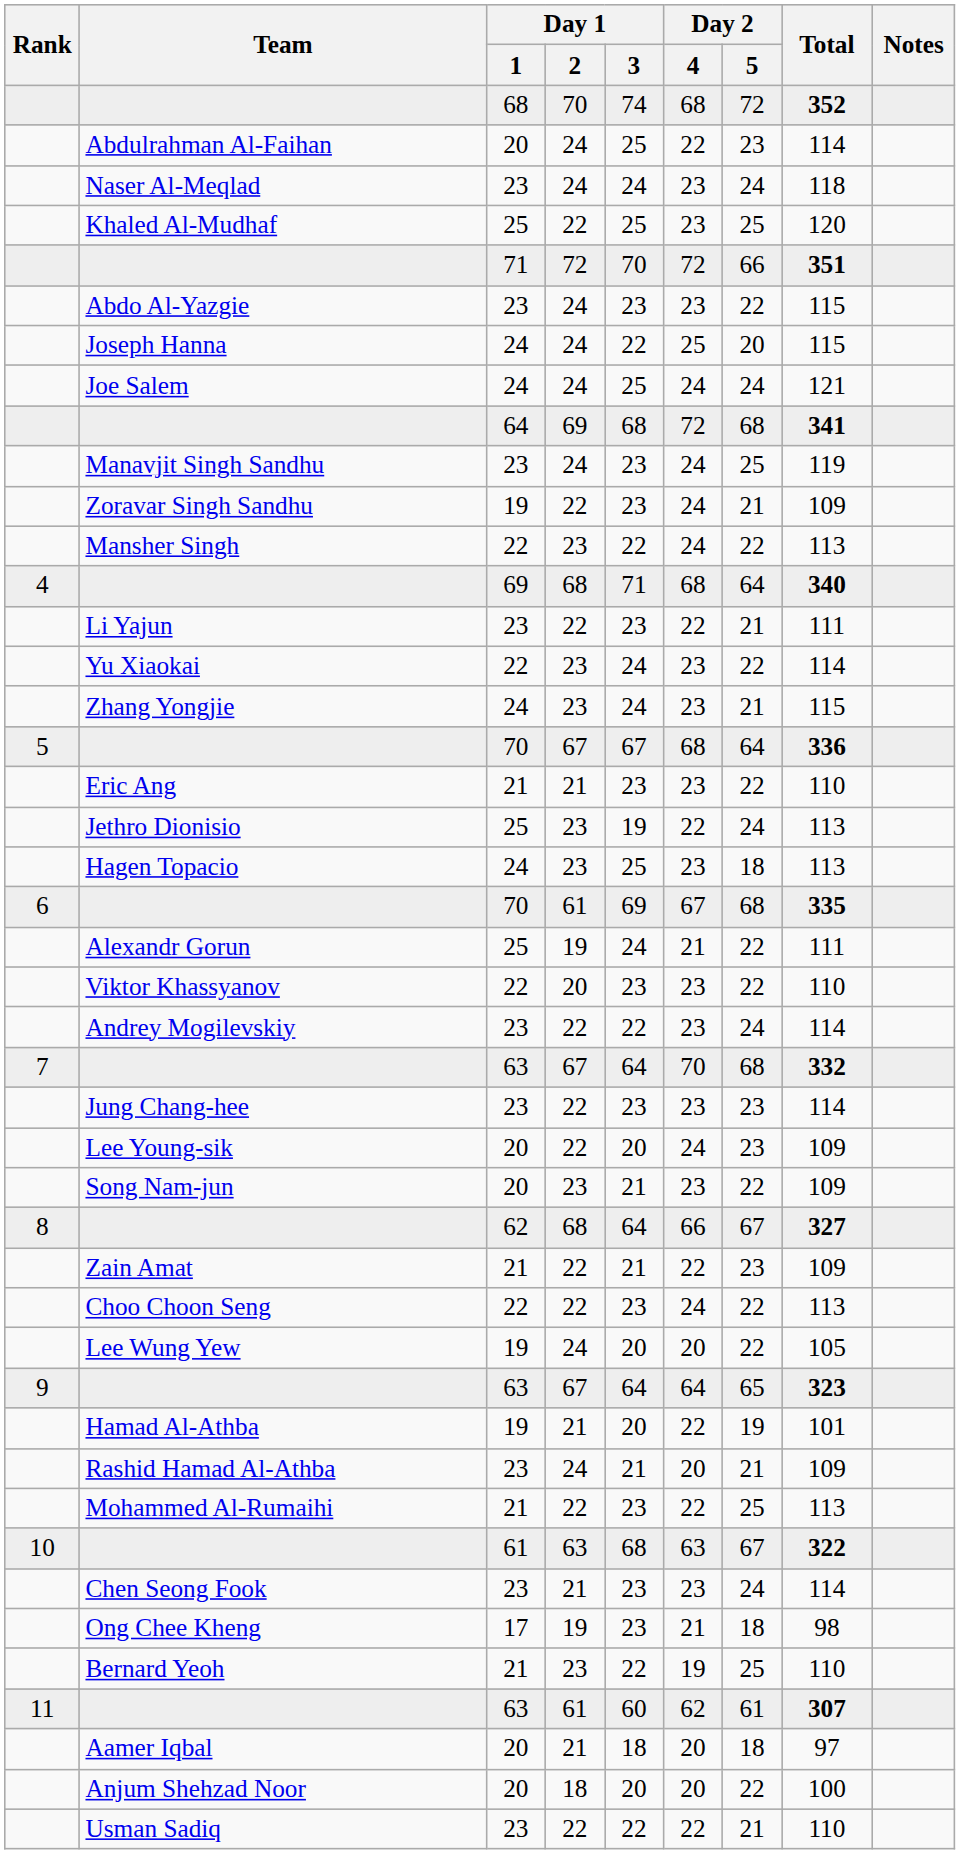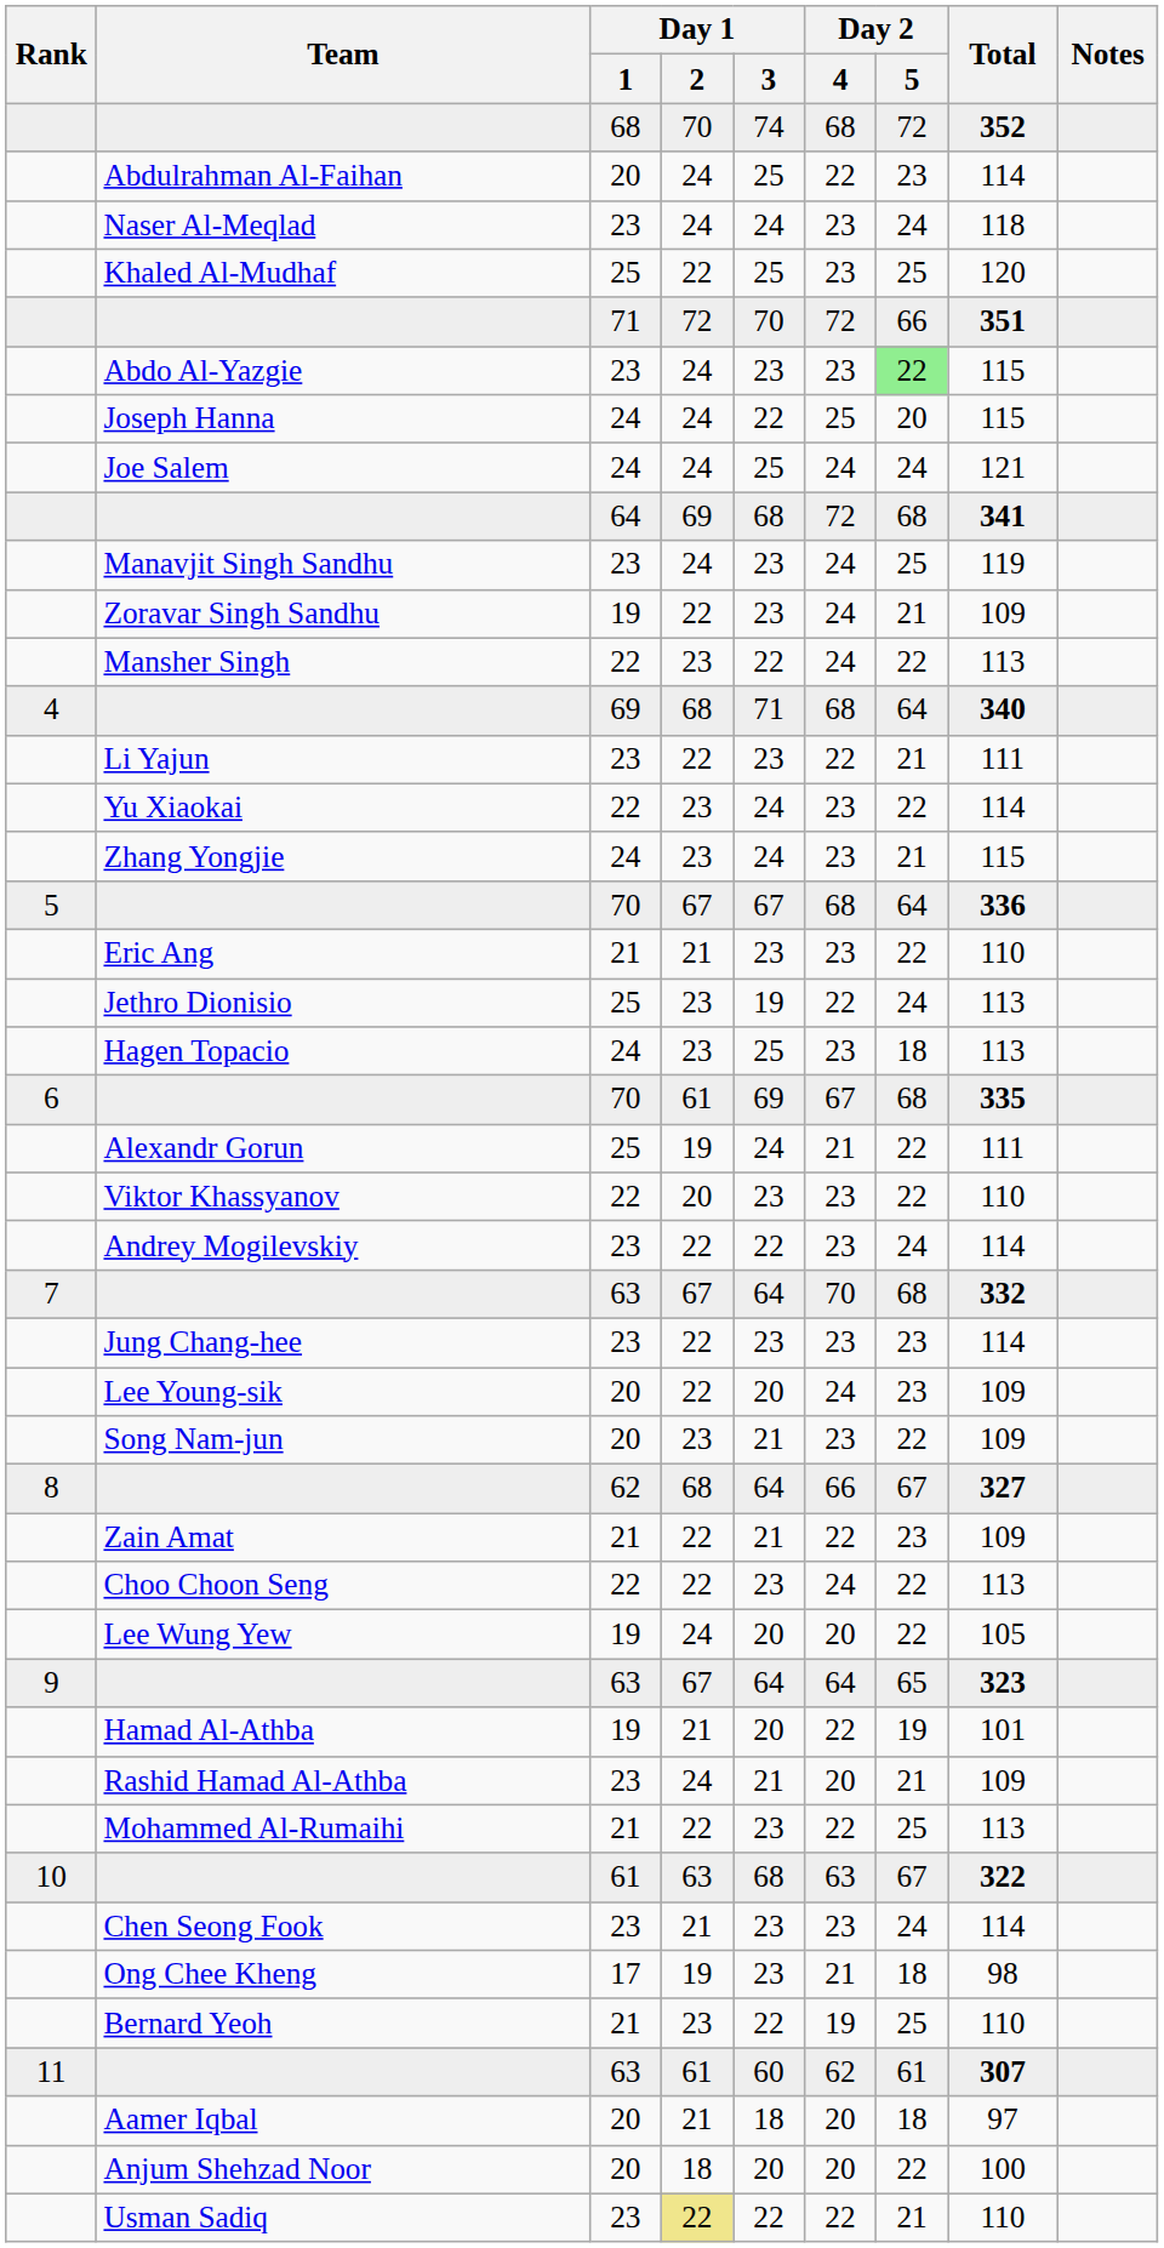 <table class="wikitable" style="text-align:center">
 <tr>
 <th rowspan=2 width=40>Rank</th>
 <th rowspan=2 width=250>Team</th>
 <th colspan=3>Day 1</th>
 <th colspan=2>Day 2</th>
 <th rowspan=2 width=50>Total</th>
 <th rowspan=2 width=45>Notes</th>
 </tr>
 <tr>
 <th width=30>1</th>
 <th width=30>2</th>
 <th width=30>3</th>
 <th width=30>4</th>
 <th width=30>5</th>
 </tr>
 <tr bgcolor=eeeeee>
 <td></td>
 <td align=left></td>
 <td>68</td>
 <td>70</td>
 <td>74</td>
 <td>68</td>
 <td>72</td>
 <td><strong>352</strong></td>
 <td></td>
 </tr>
 <tr>
 <td></td>
 <td align=left><a href='#'>Abdulrahman Al-Faihan</a></td>
 <td>20</td>
 <td>24</td>
 <td>25</td>
 <td>22</td>
 <td>23</td>
 <td>114</td>
 <td></td>
 </tr>
 <tr>
 <td></td>
 <td align=left><a href='#'>Naser Al-Meqlad</a></td>
 <td>23</td>
 <td>24</td>
 <td>24</td>
 <td>23</td>
 <td>24</td>
 <td>118</td>
 <td></td>
 </tr>
 <tr>
 <td></td>
 <td align=left><a href='#'>Khaled Al-Mudhaf</a></td>
 <td>25</td>
 <td>22</td>
 <td>25</td>
 <td>23</td>
 <td>25</td>
 <td>120</td>
 <td></td>
 </tr>
 <tr bgcolor=eeeeee>
 <td></td>
 <td align=left></td>
 <td>71</td>
 <td>72</td>
 <td>70</td>
 <td>72</td>
 <td>66</td>
 <td><strong>351</strong></td>
 <td></td>
 </tr>
 <tr>
 <td></td>
 <td align=left><a href='#'>Abdo Al-Yazgie</a></td>
 <td>23</td>
 <td>24</td>
 <td>23</td>
 <td>23</td>
-<td>22</td>
+<td style="background: lightgreen;">22</td>
 <td>115</td>
 <td></td>
 </tr>
 <tr>
 <td></td>
 <td align=left><a href='#'>Joseph Hanna</a></td>
 <td>24</td>
 <td>24</td>
 <td>22</td>
 <td>25</td>
 <td>20</td>
 <td>115</td>
 <td></td>
 </tr>
 <tr>
 <td></td>
 <td align=left><a href='#'>Joe Salem</a></td>
 <td>24</td>
 <td>24</td>
 <td>25</td>
 <td>24</td>
 <td>24</td>
 <td>121</td>
 <td></td>
 </tr>
 <tr bgcolor=eeeeee>
 <td></td>
 <td align=left></td>
 <td>64</td>
 <td>69</td>
 <td>68</td>
 <td>72</td>
 <td>68</td>
 <td><strong>341</strong></td>
 <td></td>
 </tr>
 <tr>
 <td></td>
 <td align=left><a href='#'>Manavjit Singh Sandhu</a></td>
 <td>23</td>
 <td>24</td>
 <td>23</td>
 <td>24</td>
 <td>25</td>
 <td>119</td>
 <td></td>
 </tr>
 <tr>
 <td></td>
 <td align=left><a href='#'>Zoravar Singh Sandhu</a></td>
 <td>19</td>
 <td>22</td>
 <td>23</td>
 <td>24</td>
 <td>21</td>
 <td>109</td>
 <td></td>
 </tr>
 <tr>
 <td></td>
 <td align=left><a href='#'>Mansher Singh</a></td>
 <td>22</td>
 <td>23</td>
 <td>22</td>
 <td>24</td>
 <td>22</td>
 <td>113</td>
 <td></td>
 </tr>
 <tr bgcolor=eeeeee>
 <td>4</td>
 <td align=left></td>
 <td>69</td>
 <td>68</td>
 <td>71</td>
 <td>68</td>
 <td>64</td>
 <td><strong>340</strong></td>
 <td></td>
 </tr>
 <tr>
 <td></td>
 <td align=left><a href='#'>Li Yajun</a></td>
 <td>23</td>
 <td>22</td>
 <td>23</td>
 <td>22</td>
 <td>21</td>
 <td>111</td>
 <td></td>
 </tr>
 <tr>
 <td></td>
 <td align=left><a href='#'>Yu Xiaokai</a></td>
 <td>22</td>
 <td>23</td>
 <td>24</td>
 <td>23</td>
 <td>22</td>
 <td>114</td>
 <td></td>
 </tr>
 <tr>
 <td></td>
 <td align=left><a href='#'>Zhang Yongjie</a></td>
 <td>24</td>
 <td>23</td>
 <td>24</td>
 <td>23</td>
 <td>21</td>
 <td>115</td>
 <td></td>
 </tr>
 <tr bgcolor=eeeeee>
 <td>5</td>
 <td align=left></td>
 <td>70</td>
 <td>67</td>
 <td>67</td>
 <td>68</td>
 <td>64</td>
 <td><strong>336</strong></td>
 <td></td>
 </tr>
 <tr>
 <td></td>
 <td align=left><a href='#'>Eric Ang</a></td>
 <td>21</td>
 <td>21</td>
 <td>23</td>
 <td>23</td>
 <td>22</td>
 <td>110</td>
 <td></td>
 </tr>
 <tr>
 <td></td>
 <td align=left><a href='#'>Jethro Dionisio</a></td>
 <td>25</td>
 <td>23</td>
 <td>19</td>
 <td>22</td>
 <td>24</td>
 <td>113</td>
 <td></td>
 </tr>
 <tr>
 <td></td>
 <td align=left><a href='#'>Hagen Topacio</a></td>
 <td>24</td>
 <td>23</td>
 <td>25</td>
 <td>23</td>
 <td>18</td>
 <td>113</td>
 <td></td>
 </tr>
 <tr bgcolor=eeeeee>
 <td>6</td>
 <td align=left></td>
 <td>70</td>
 <td>61</td>
 <td>69</td>
 <td>67</td>
 <td>68</td>
 <td><strong>335</strong></td>
 <td></td>
 </tr>
 <tr>
 <td></td>
 <td align=left><a href='#'>Alexandr Gorun</a></td>
 <td>25</td>
 <td>19</td>
 <td>24</td>
 <td>21</td>
 <td>22</td>
 <td>111</td>
 <td></td>
 </tr>
 <tr>
 <td></td>
 <td align=left><a href='#'>Viktor Khassyanov</a></td>
 <td>22</td>
 <td>20</td>
 <td>23</td>
 <td>23</td>
 <td>22</td>
 <td>110</td>
 <td></td>
 </tr>
 <tr>
 <td></td>
 <td align=left><a href='#'>Andrey Mogilevskiy</a></td>
 <td>23</td>
 <td>22</td>
 <td>22</td>
 <td>23</td>
 <td>24</td>
 <td>114</td>
 <td></td>
 </tr>
 <tr bgcolor=eeeeee>
 <td>7</td>
 <td align=left></td>
 <td>63</td>
 <td>67</td>
 <td>64</td>
 <td>70</td>
 <td>68</td>
 <td><strong>332</strong></td>
 <td></td>
 </tr>
 <tr>
 <td></td>
 <td align=left><a href='#'>Jung Chang-hee</a></td>
 <td>23</td>
 <td>22</td>
 <td>23</td>
 <td>23</td>
 <td>23</td>
 <td>114</td>
 <td></td>
 </tr>
 <tr>
 <td></td>
 <td align=left><a href='#'>Lee Young-sik</a></td>
 <td>20</td>
 <td>22</td>
 <td>20</td>
 <td>24</td>
 <td>23</td>
 <td>109</td>
 <td></td>
 </tr>
 <tr>
 <td></td>
 <td align=left><a href='#'>Song Nam-jun</a></td>
 <td>20</td>
 <td>23</td>
 <td>21</td>
 <td>23</td>
 <td>22</td>
 <td>109</td>
 <td></td>
 </tr>
 <tr bgcolor=eeeeee>
 <td>8</td>
 <td align=left></td>
 <td>62</td>
 <td>68</td>
 <td>64</td>
 <td>66</td>
 <td>67</td>
 <td><strong>327</strong></td>
 <td></td>
 </tr>
 <tr>
 <td></td>
 <td align=left><a href='#'>Zain Amat</a></td>
 <td>21</td>
 <td>22</td>
 <td>21</td>
 <td>22</td>
 <td>23</td>
 <td>109</td>
 <td></td>
 </tr>
 <tr>
 <td></td>
 <td align=left><a href='#'>Choo Choon Seng</a></td>
 <td>22</td>
 <td>22</td>
 <td>23</td>
 <td>24</td>
 <td>22</td>
 <td>113</td>
 <td></td>
 </tr>
 <tr>
 <td></td>
 <td align=left><a href='#'>Lee Wung Yew</a></td>
 <td>19</td>
 <td>24</td>
 <td>20</td>
 <td>20</td>
 <td>22</td>
 <td>105</td>
 <td></td>
 </tr>
 <tr bgcolor=eeeeee>
 <td>9</td>
 <td align=left></td>
 <td>63</td>
 <td>67</td>
 <td>64</td>
 <td>64</td>
 <td>65</td>
 <td><strong>323</strong></td>
 <td></td>
 </tr>
 <tr>
 <td></td>
 <td align=left><a href='#'>Hamad Al-Athba</a></td>
 <td>19</td>
 <td>21</td>
 <td>20</td>
 <td>22</td>
 <td>19</td>
 <td>101</td>
 <td></td>
 </tr>
 <tr>
 <td></td>
 <td align=left><a href='#'>Rashid Hamad Al-Athba</a></td>
 <td>23</td>
 <td>24</td>
 <td>21</td>
 <td>20</td>
 <td>21</td>
 <td>109</td>
 <td></td>
 </tr>
 <tr>
 <td></td>
 <td align=left><a href='#'>Mohammed Al-Rumaihi</a></td>
 <td>21</td>
 <td>22</td>
 <td>23</td>
 <td>22</td>
 <td>25</td>
 <td>113</td>
 <td></td>
 </tr>
 <tr bgcolor=eeeeee>
 <td>10</td>
 <td align=left></td>
 <td>61</td>
 <td>63</td>
 <td>68</td>
 <td>63</td>
 <td>67</td>
 <td><strong>322</strong></td>
 <td></td>
 </tr>
 <tr>
 <td></td>
 <td align=left><a href='#'>Chen Seong Fook</a></td>
 <td>23</td>
 <td>21</td>
 <td>23</td>
 <td>23</td>
 <td>24</td>
 <td>114</td>
 <td></td>
 </tr>
 <tr>
 <td></td>
 <td align=left><a href='#'>Ong Chee Kheng</a></td>
 <td>17</td>
 <td>19</td>
 <td>23</td>
 <td>21</td>
 <td>18</td>
 <td>98</td>
 <td></td>
 </tr>
 <tr>
 <td></td>
 <td align=left><a href='#'>Bernard Yeoh</a></td>
 <td>21</td>
 <td>23</td>
 <td>22</td>
 <td>19</td>
 <td>25</td>
 <td>110</td>
 <td></td>
 </tr>
 <tr bgcolor=eeeeee>
 <td>11</td>
 <td align=left></td>
 <td>63</td>
 <td>61</td>
 <td>60</td>
 <td>62</td>
 <td>61</td>
 <td><strong>307</strong></td>
 <td></td>
 </tr>
 <tr>
 <td></td>
 <td align=left><a href='#'>Aamer Iqbal</a></td>
 <td>20</td>
 <td>21</td>
 <td>18</td>
 <td>20</td>
 <td>18</td>
 <td>97</td>
 <td></td>
 </tr>
 <tr>
 <td></td>
 <td align=left><a href='#'>Anjum Shehzad Noor</a></td>
 <td>20</td>
 <td>18</td>
 <td>20</td>
 <td>20</td>
 <td>22</td>
 <td>100</td>
 <td></td>
 </tr>
 <tr>
 <td></td>
 <td align=left><a href='#'>Usman Sadiq</a></td>
 <td>23</td>
-<td>22</td>
+<td style="background: khaki;">22</td>
 <td>22</td>
 <td>22</td>
 <td>21</td>
 <td>110</td>
 <td></td>
 </tr>
 </table>
